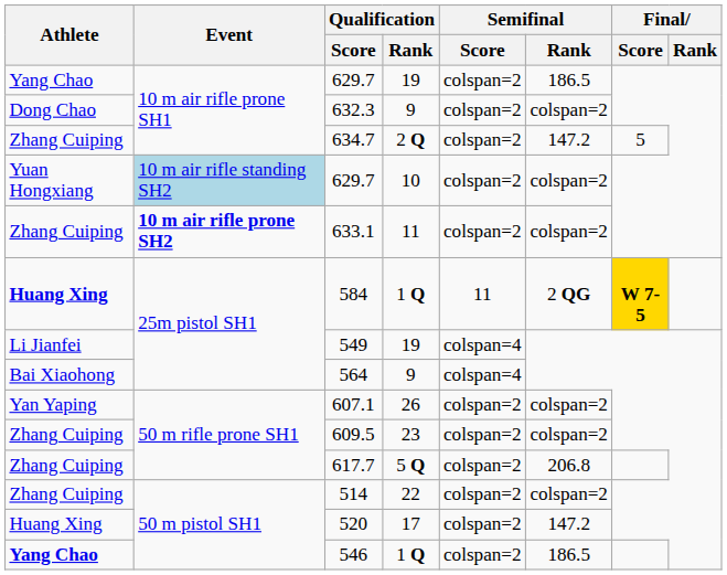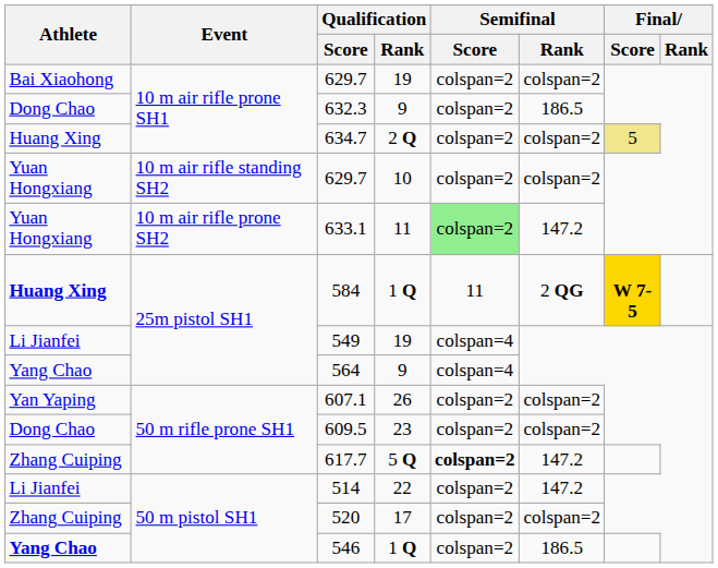 <table class=wikitable>
 <tr>
 <th rowspan="2">Athlete</th>
 <th rowspan="2">Event</th>
 <th colspan="2">Qualification</th>
 <th colspan="2">Semifinal</th>
 <th colspan="2">Final/</th>
 </tr>
 <tr>
 <th>Score</th>
 <th>Rank</th>
 <th>Score</th>
 <th>Rank</th>
 <th>Score</th>
 <th>Rank</th>
 </tr>
 <tr align=center>
-<td align=left><a href='#'>Yang Chao</a></td>
+<td align=left><a href='#'>Bai Xiaohong</a></td>
 <td align=left rowspan=3><a href='#'>10 m air rifle prone SH1</a></td>
 <td>629.7</td>
 <td>19</td>
 <td>colspan=2</td>
-<td>186.5</td>
+<td>colspan=2</td>
 </tr>
 <tr align=center>
 <td align=left><a href='#'>Dong Chao</a></td>
 <td>632.3</td>
 <td>9</td>
 <td>colspan=2</td>
-<td>colspan=2</td>
+<td>186.5</td>
 </tr>
 <tr align=center>
-<td align=left><a href='#'>Zhang Cuiping</a></td>
+<td align=left><a href='#'>Huang Xing</a></td>
 <td>634.7</td>
 <td>2 <strong>Q</strong></td>
 <td>colspan=2</td>
-<td>147.2</td>
-<td>5</td>
+<td>colspan=2</td>
+<td style="background: khaki;">5</td>
 </tr>
 <tr align=center>
 <td align=left><a href='#'>Yuan Hongxiang</a></td>
-<td align=left style="background: lightblue;"><a href='#'>10 m air rifle standing SH2</a></td>
+<td align=left><a href='#'>10 m air rifle standing SH2</a></td>
 <td>629.7</td>
 <td>10</td>
 <td>colspan=2</td>
 <td>colspan=2</td>
 </tr>
 <tr align=center>
-<td align=left><a href='#'>Zhang Cuiping</a></td>
-<td align=left><strong><a href='#'>10 m air rifle prone SH2</a></strong></td>
+<td align=left><a href='#'>Yuan Hongxiang</a></td>
+<td align=left><a href='#'>10 m air rifle prone SH2</a></td>
 <td>633.1</td>
 <td>11</td>
-<td>colspan=2</td>
-<td>colspan=2</td>
+<td style="background: lightgreen;">colspan=2</td>
+<td>147.2</td>
 </tr>
 <tr align=center>
 <td align=left><strong><a href='#'>Huang Xing</a></strong></td>
 <td align=left rowspan=3><a href='#'>25m pistol SH1</a></td>
 <td>584</td>
 <td>1 <strong>Q</strong></td>
 <td>11</td>
 <td>2 <strong>QG</strong></td>
 <td style="background: gold;"><br> <strong>W 7-5</strong></td>
 <td></td>
 </tr>
 <tr align=center>
 <td align=left><a href='#'>Li Jianfei</a></td>
 <td>549</td>
 <td>19</td>
 <td>colspan=4</td>
 </tr>
 <tr align=center>
-<td align=left><a href='#'>Bai Xiaohong</a></td>
+<td align=left><a href='#'>Yang Chao</a></td>
 <td>564</td>
 <td>9</td>
 <td>colspan=4</td>
 </tr>
 <tr align=center>
 <td align=left><a href='#'>Yan Yaping</a></td>
 <td align=left rowspan=3><a href='#'>50 m rifle prone SH1</a></td>
 <td>607.1</td>
 <td>26</td>
 <td>colspan=2</td>
 <td>colspan=2</td>
 </tr>
 <tr align=center>
-<td align=left><a href='#'>Zhang Cuiping</a></td>
+<td align=left><a href='#'>Dong Chao</a></td>
 <td>609.5</td>
 <td>23</td>
 <td>colspan=2</td>
 <td>colspan=2</td>
 </tr>
 <tr align=center>
 <td align=left><a href='#'>Zhang Cuiping</a></td>
 <td>617.7</td>
 <td>5 <strong>Q</strong></td>
-<td>colspan=2</td>
-<td>206.8</td>
+<td><strong>colspan=2</strong></td>
+<td>147.2</td>
 <td></td>
 </tr>
 <tr align=center>
-<td align=left><a href='#'>Zhang Cuiping</a></td>
+<td align=left><a href='#'>Li Jianfei</a></td>
 <td align=left rowspan=3><a href='#'>50 m pistol SH1</a></td>
 <td>514</td>
 <td>22</td>
 <td>colspan=2</td>
-<td>colspan=2</td>
+<td>147.2</td>
 </tr>
 <tr align=center>
-<td align=left><a href='#'>Huang Xing</a></td>
+<td align=left><a href='#'>Zhang Cuiping</a></td>
 <td>520</td>
 <td>17</td>
 <td>colspan=2</td>
-<td>147.2</td>
+<td>colspan=2</td>
 </tr>
 <tr align=center>
 <td align=left><strong><a href='#'>Yang Chao</a></strong></td>
 <td>546</td>
 <td>1 <strong>Q</strong></td>
 <td>colspan=2</td>
 <td>186.5</td>
 <td></td>
 </tr>
 </table>
